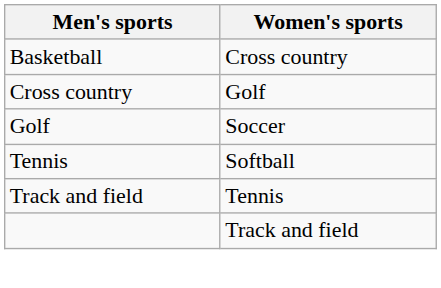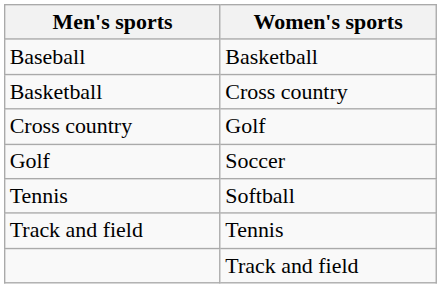 <table class="wikitable"; style= "text-align: ">
 <tr>
 <th width=150px>Men's sports</th>
 <th width=150px>Women's sports</th>
+</tr>
+<tr>
+<td>Baseball</td>
+<td>Basketball</td>
 </tr>
 <tr>
 <td>Basketball</td>
 <td>Cross country</td>
 </tr>
 <tr>
 <td>Cross country</td>
 <td>Golf</td>
 </tr>
 <tr>
 <td>Golf</td>
 <td>Soccer</td>
 </tr>
 <tr>
 <td>Tennis</td>
 <td>Softball</td>
 </tr>
 <tr>
 <td>Track and field</td>
 <td>Tennis</td>
 </tr>
 <tr>
 <td></td>
 <td>Track and field</td>
 </tr>
 </table>
